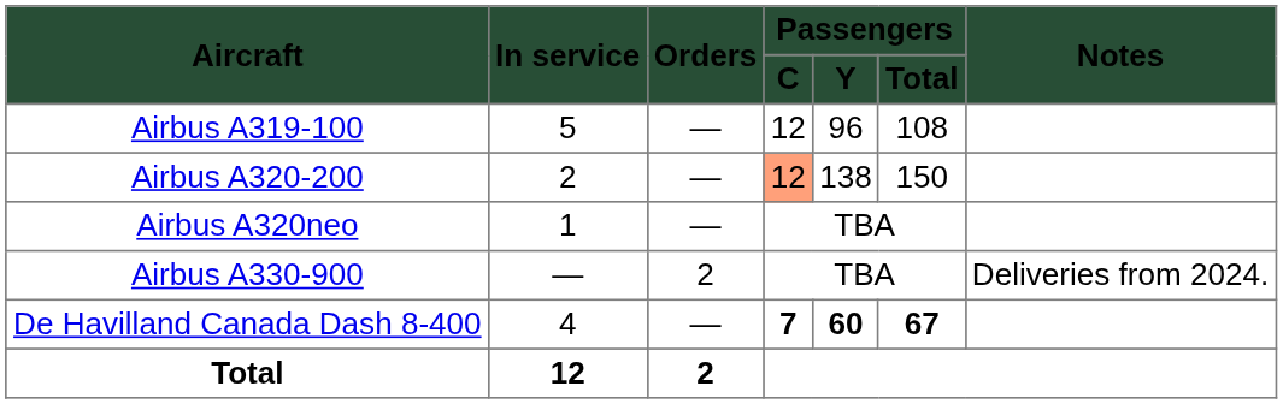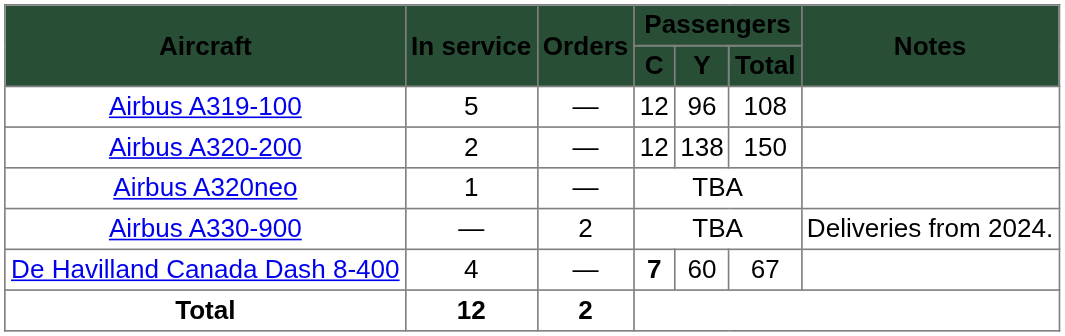 <table class="toccolours" border="1" cellpadding="3" style="margin:1em auto; border-collapse:collapse;text-align:center">
 <tr style="background:#284e36;">
 <th rowspan="2"><span>Aircraft</span></th>
 <th rowspan="2"><span>In service</span></th>
 <th rowspan="2"><span>Orders</span></th>
 <th colspan="3"><span>Passengers</span></th>
 <th rowspan="2"><span>Notes</span></th>
 </tr>
 <tr style="background:#284e36;">
 <th><abbr><span>C</span></abbr></th>
 <th><abbr><span>Y</span></abbr></th>
 <th><span>Total</span></th>
 </tr>
 <tr>
 <td><a href='#'>Airbus A319-100</a></td>
 <td>5</td>
 <td>—</td>
 <td>12</td>
 <td>96</td>
 <td>108</td>
 <td></td>
 </tr>
 <tr>
 <td><a href='#'>Airbus A320-200</a></td>
 <td>2</td>
 <td>—</td>
-<td style="background: lightsalmon;">12</td>
+<td>12</td>
 <td>138</td>
 <td>150</td>
 <td></td>
 </tr>
 <tr>
 <td><a href='#'>Airbus A320neo</a></td>
 <td>1</td>
 <td>—</td>
 <td colspan="3"><abbr>TBA</abbr></td>
 <td></td>
 </tr>
 <tr>
 <td><a href='#'>Airbus A330-900</a></td>
 <td>—</td>
 <td>2</td>
 <td colspan="3"><abbr>TBA</abbr></td>
 <td>Deliveries from 2024.</td>
 </tr>
 <tr>
 <td><a href='#'>De Havilland Canada Dash 8-400</a></td>
 <td>4</td>
 <td>—</td>
 <td><strong>7</strong></td>
-<td><strong>60</strong></td>
-<td><strong>67</strong></td>
+<td>60</td>
+<td>67</td>
 <td></td>
 </tr>
 <tr>
 <th>Total</th>
 <th>12</th>
 <th>2</th>
 <th colspan="5"></th>
 </tr>
 </table>
